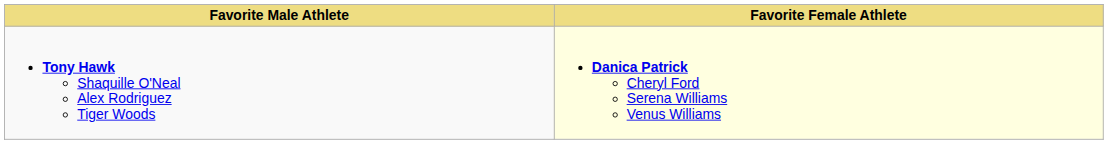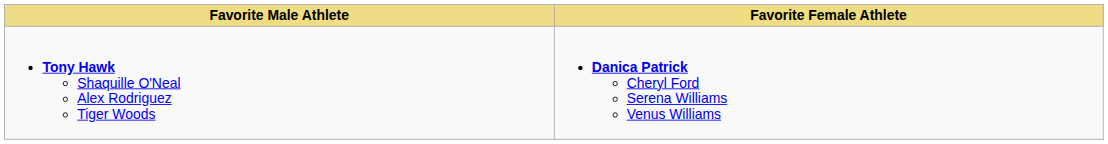 <table class="wikitable" style="width:100%">
 <tr>
 <th style="background:#EEDD82; width:50%">Favorite Male Athlete</th>
 <th style="background:#EEDD82; width:50%">Favorite Female Athlete</th>
 </tr>
 <tr>
 <td valign="top"><br><ul><li><strong><a href='#'>Tony Hawk</a></strong><ul><li><a href='#'>Shaquille O'Neal</a></li><li><a href='#'>Alex Rodriguez</a></li><li><a href='#'>Tiger Woods</a></li></ul></li></ul></td>
-<td valign="top" style="background: lightyellow;"><br><ul><li><strong><a href='#'>Danica Patrick</a></strong><ul><li><a href='#'>Cheryl Ford</a></li><li><a href='#'>Serena Williams</a></li><li><a href='#'>Venus Williams</a></li></ul></li></ul></td>
+<td valign="top"><br><ul><li><strong><a href='#'>Danica Patrick</a></strong><ul><li><a href='#'>Cheryl Ford</a></li><li><a href='#'>Serena Williams</a></li><li><a href='#'>Venus Williams</a></li></ul></li></ul></td>
 </tr>
 </table>
